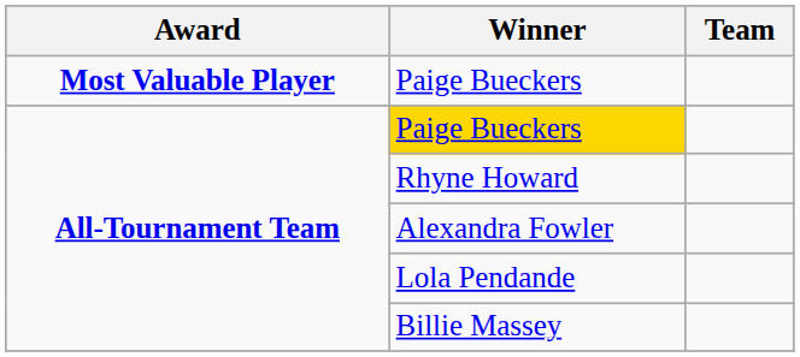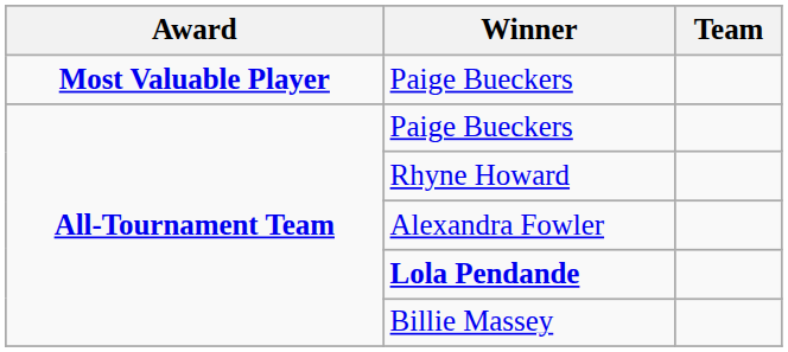 <table class="wikitable" style="width: 30%; text-align:center; font-size:90%">
 <tr>
 <th>Award</th>
 <th>Winner</th>
 <th>Team</th>
 </tr>
 <tr>
 <td><strong><a href='#'>Most Valuable Player</a></strong></td>
 <td align=left><a href='#'>Paige Bueckers</a></td>
 <td align=left></td>
 </tr>
 <tr>
 <td rowspan=5><strong><a href='#'>All-Tournament Team</a></strong></td>
-<td align=left style="background: gold;"><a href='#'>Paige Bueckers</a></td>
+<td align=left><a href='#'>Paige Bueckers</a></td>
 <td align=left></td>
 </tr>
 <tr>
 <td align=left><a href='#'>Rhyne Howard</a></td>
 <td align=left></td>
 </tr>
 <tr>
 <td align=left><a href='#'>Alexandra Fowler</a></td>
 <td align=left></td>
 </tr>
 <tr>
-<td align=left><a href='#'>Lola Pendande</a></td>
+<td align=left><strong><a href='#'>Lola Pendande</a></strong></td>
 <td align=left></td>
 </tr>
 <tr>
 <td align=left><a href='#'>Billie Massey</a></td>
 <td align=left></td>
 </tr>
 </table>
